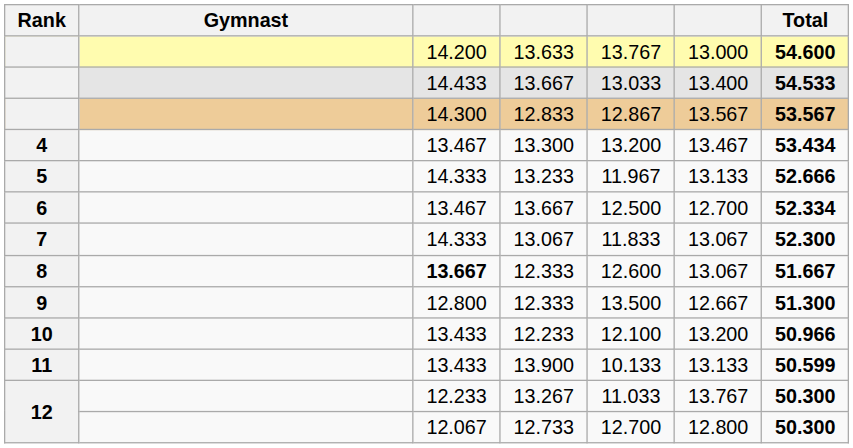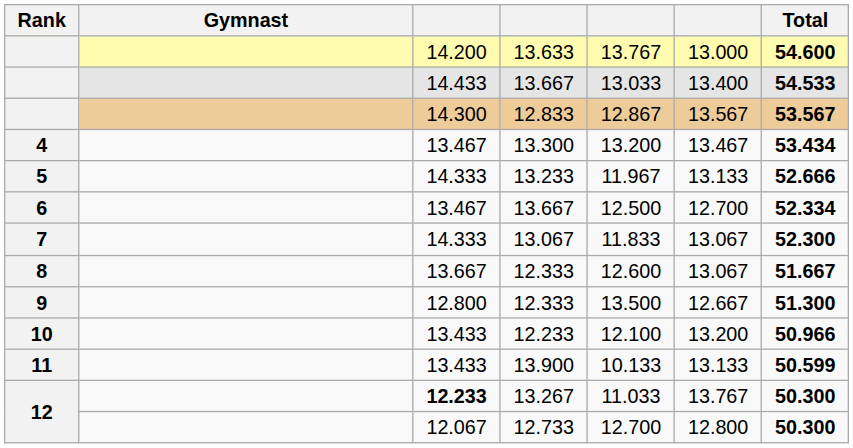 <table class="wikitable sortable" style="text-align:center; font-size:95%">
 <tr>
 <th scope="col" style="width:50px;">Rank</th>
 <th scope="col" style="width:250px;">Gymnast</th>
 <th scope="col" style="width:60px;"></th>
 <th scope="col" style="width:60px;"></th>
 <th scope="col" style="width:60px;"></th>
 <th scope="col" style="width:60px;"></th>
 <th scope="col" style="width:60px;">Total</th>
 </tr>
 <tr style="background:#fffcaf;">
 <th scope=row style="text-align:center"></th>
 <td align=left></td>
 <td>14.200</td>
 <td>13.633</td>
 <td>13.767</td>
 <td>13.000</td>
 <td><strong>54.600</strong></td>
 </tr>
 <tr style="background:#e5e5e5;">
 <th scope=row style="text-align:center"></th>
 <td align=left></td>
 <td>14.433</td>
 <td>13.667</td>
 <td>13.033</td>
 <td>13.400</td>
 <td><strong>54.533</strong></td>
 </tr>
 <tr style="background:#ec9;">
 <th scope=row style="text-align:center"></th>
 <td align=left></td>
 <td>14.300</td>
 <td>12.833</td>
 <td>12.867</td>
 <td>13.567</td>
 <td><strong>53.567</strong></td>
 </tr>
 <tr>
 <th scope=row style="text-align:center">4</th>
 <td align=left></td>
 <td>13.467</td>
 <td>13.300</td>
 <td>13.200</td>
 <td>13.467</td>
 <td><strong>53.434</strong></td>
 </tr>
 <tr>
 <th scope=row style="text-align:center">5</th>
 <td align=left></td>
 <td>14.333</td>
 <td>13.233</td>
 <td>11.967</td>
 <td>13.133</td>
 <td><strong>52.666</strong></td>
 </tr>
 <tr>
 <th scope=row style="text-align:center">6</th>
 <td align=left></td>
 <td>13.467</td>
 <td>13.667</td>
 <td>12.500</td>
 <td>12.700</td>
 <td><strong>52.334</strong></td>
 </tr>
 <tr>
 <th scope=row style="text-align:center">7</th>
 <td align=left></td>
 <td>14.333</td>
 <td>13.067</td>
 <td>11.833</td>
 <td>13.067</td>
 <td><strong>52.300</strong></td>
 </tr>
 <tr>
 <th scope=row style="text-align:center">8</th>
 <td align=left></td>
-<td><strong>13.667</strong></td>
+<td>13.667</td>
 <td>12.333</td>
 <td>12.600</td>
 <td>13.067</td>
 <td><strong>51.667</strong></td>
 </tr>
 <tr>
 <th scope=row style="text-align:center">9</th>
 <td align=left></td>
 <td>12.800</td>
 <td>12.333</td>
 <td>13.500</td>
 <td>12.667</td>
 <td><strong>51.300</strong></td>
 </tr>
 <tr>
 <th scope=row style="text-align:center">10</th>
 <td align=left></td>
 <td>13.433</td>
 <td>12.233</td>
 <td>12.100</td>
 <td>13.200</td>
 <td><strong>50.966</strong></td>
 </tr>
 <tr>
 <th scope=row style="text-align:center">11</th>
 <td align=left></td>
 <td>13.433</td>
 <td>13.900</td>
 <td>10.133</td>
 <td>13.133</td>
 <td><strong>50.599</strong></td>
 </tr>
 <tr>
 <th rowspan="2" scope=row style="text-align:center">12</th>
 <td align=left></td>
-<td>12.233</td>
+<td><strong>12.233</strong></td>
 <td>13.267</td>
 <td>11.033</td>
 <td>13.767</td>
 <td><strong>50.300</strong></td>
 </tr>
 <tr>
 <td align=left></td>
 <td>12.067</td>
 <td>12.733</td>
 <td>12.700</td>
 <td>12.800</td>
 <td><strong>50.300</strong></td>
 </tr>
 </table>
